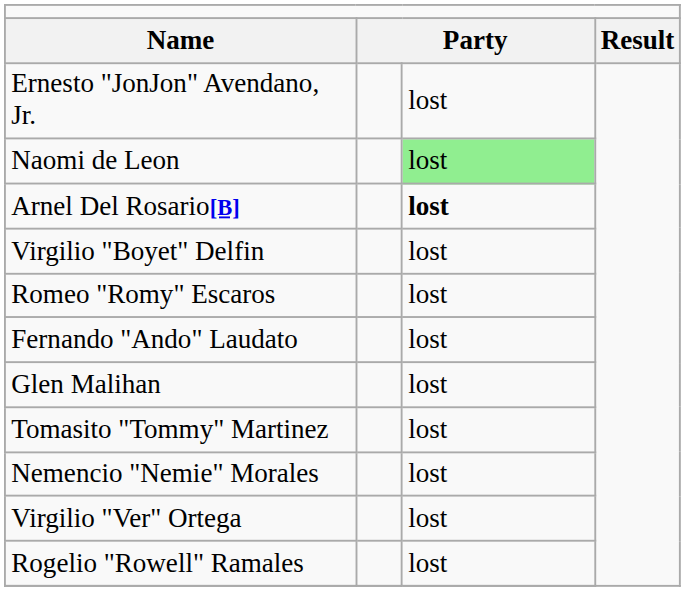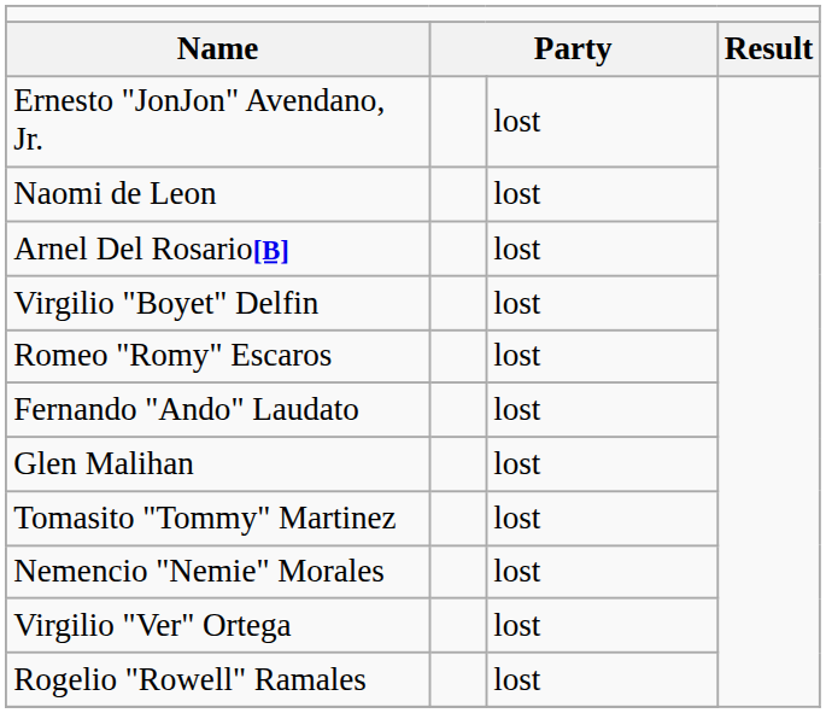 <table class=wikitable style="font-size:90%">
 <tr>
 <td colspan=4 bgcolor=></td>
 </tr>
 <tr>
 <th width=180px>Name</th>
 <th colspan=2 width=120px>Party</th>
 <th>Result</th>
 </tr>
 <tr>
 <td>Ernesto "JonJon" Avendano, Jr.</td>
 <td></td>
 <td>lost</td>
 </tr>
 <tr>
 <td>Naomi de Leon</td>
 <td></td>
-<td style="background: lightgreen;">lost</td>
+<td>lost</td>
 </tr>
 <tr>
 <td>Arnel Del Rosario<a href='#'><small><strong>[B]</strong></small></a></td>
 <td></td>
-<td><strong>lost</strong></td>
+<td>lost</td>
 </tr>
 <tr>
 <td>Virgilio "Boyet" Delfin</td>
 <td></td>
 <td>lost</td>
 </tr>
 <tr>
 <td>Romeo "Romy" Escaros</td>
 <td></td>
 <td>lost</td>
 </tr>
 <tr>
 <td>Fernando "Ando" Laudato</td>
 <td></td>
 <td>lost</td>
 </tr>
 <tr>
 <td>Glen Malihan</td>
 <td></td>
 <td>lost</td>
 </tr>
 <tr>
 <td>Tomasito "Tommy" Martinez</td>
 <td></td>
 <td>lost</td>
 </tr>
 <tr>
 <td>Nemencio "Nemie" Morales</td>
 <td></td>
 <td>lost</td>
 </tr>
 <tr>
 <td>Virgilio "Ver" Ortega</td>
 <td></td>
 <td>lost</td>
 </tr>
 <tr>
 <td>Rogelio "Rowell" Ramales</td>
 <td></td>
 <td>lost</td>
 </tr>
 <tr>
 </tr>
 </table>
